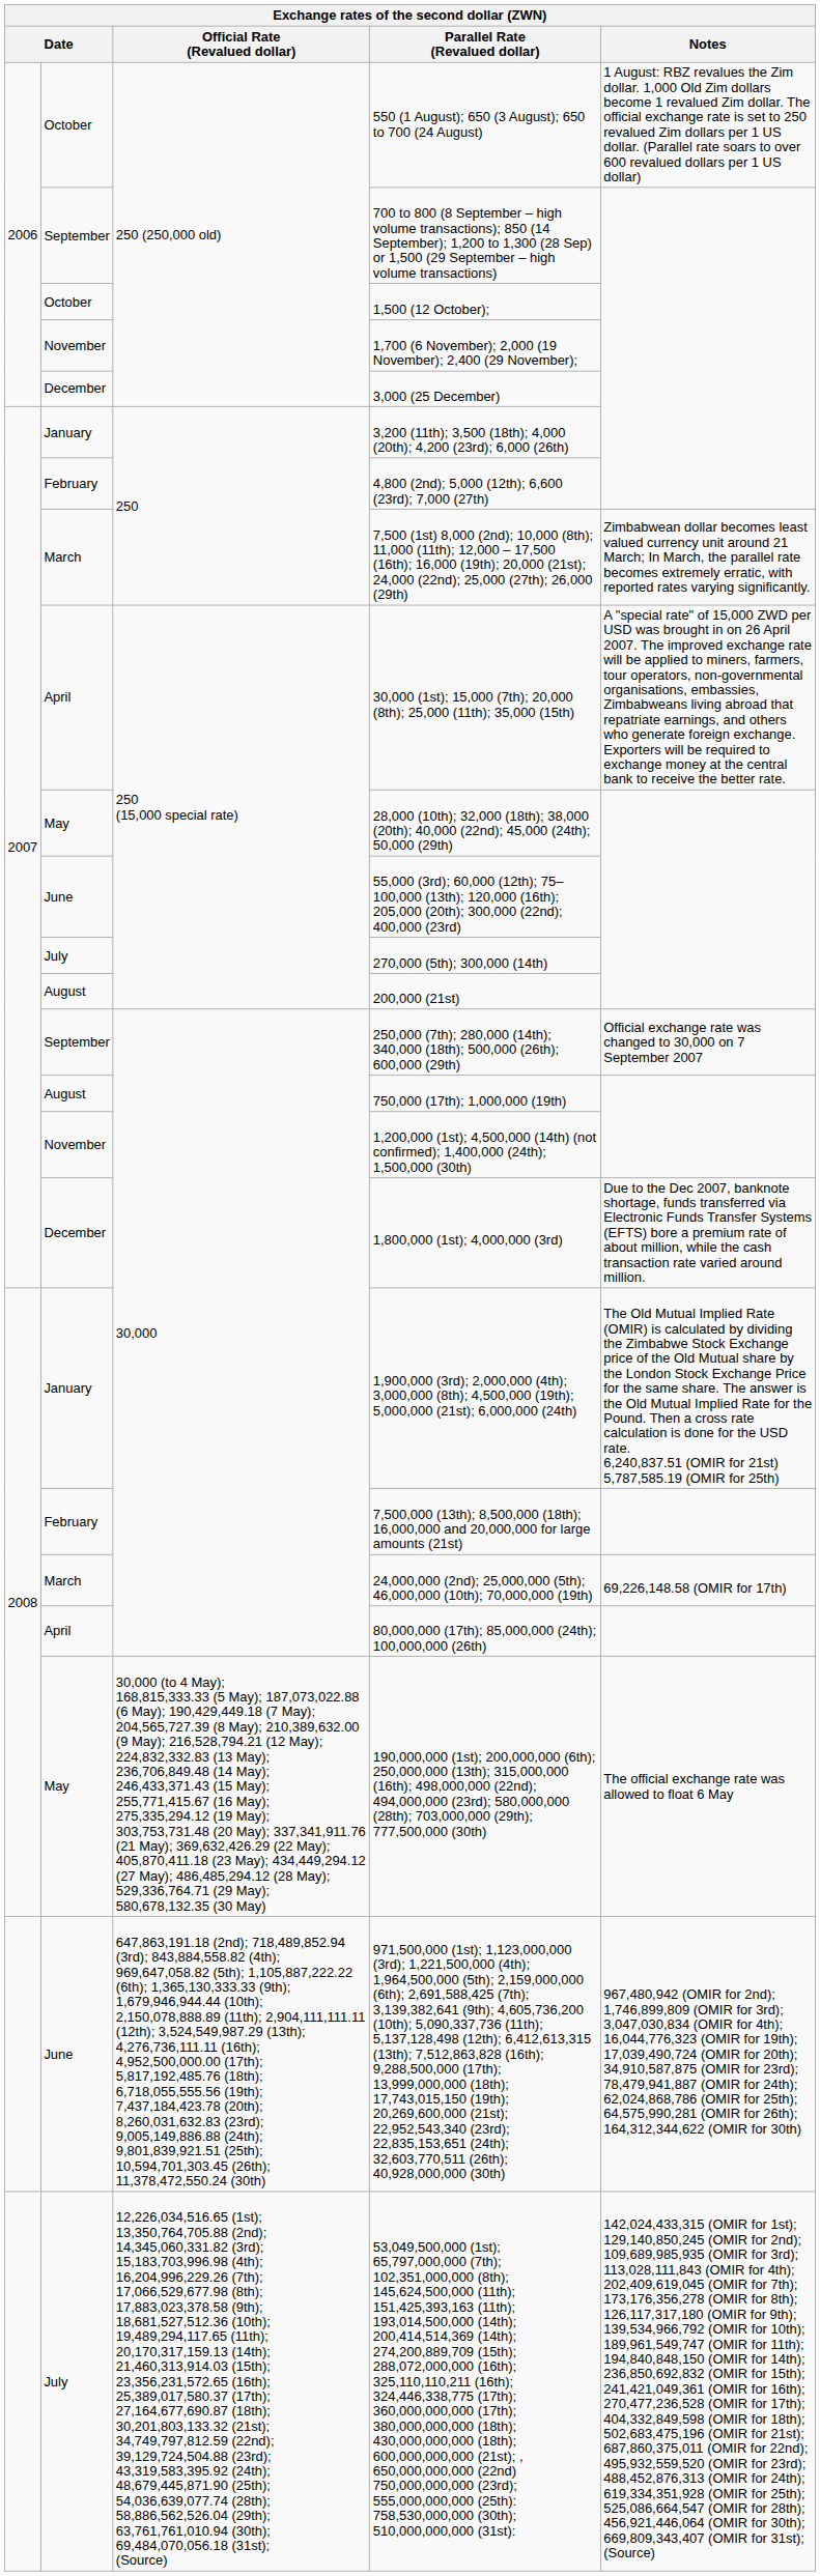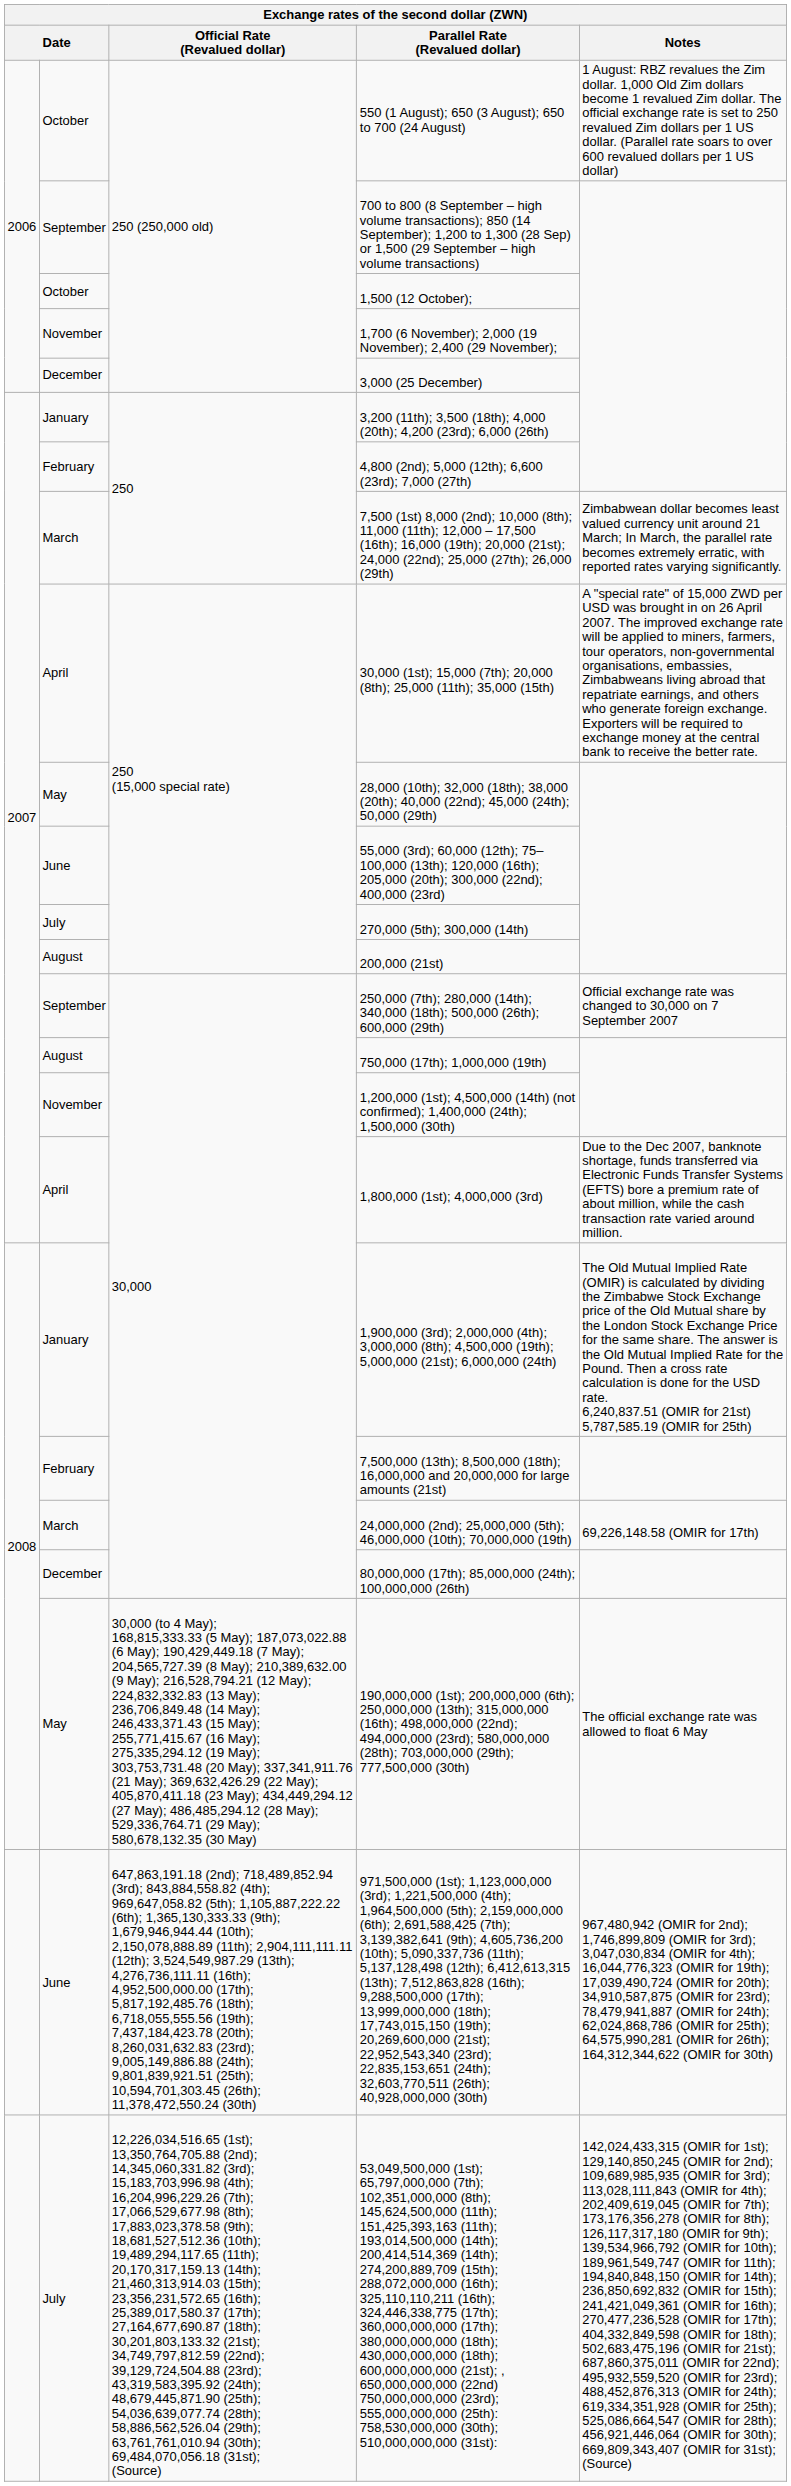 <table class="wikitable collapsible autocollapse" style="font-size: 90%">
 <tr>
 <th colspan=5>Exchange rates of the second dollar (ZWN)</th>
 </tr>
 <tr>
 <th colspan=2>Date</th>
 <th width:300px>Official Rate <br>(Revalued dollar)</th>
 <th>Parallel Rate <br>(Revalued dollar)</th>
 <th>Notes</th>
 </tr>
 <tr>
 <td rowspan=5>2006</td>
 <td>October</td>
 <td rowspan=5>250 (250,000 old)</td>
 <td>550 (1 August); 650 (3 August); 650 to 700 (24 August)</td>
 <td>1 August: RBZ revalues the Zim dollar. 1,000 Old Zim dollars become 1 revalued Zim dollar. The official exchange rate is set to 250 revalued Zim dollars per 1 US dollar. (Parallel rate soars to over 600 revalued dollars per 1 US dollar)</td>
 </tr>
 <tr>
 <td>September</td>
 <td><br>700 to 800 (8 September – high volume transactions); 850 (14 September); 1,200 to 1,300 (28 Sep) or 1,500 (29 September – high volume transactions)</td>
 </tr>
 <tr>
 <td>October</td>
 <td><br>1,500 (12 October);</td>
 </tr>
 <tr>
 <td>November</td>
 <td><br>1,700 (6 November); 2,000 (19 November); 2,400 (29 November);</td>
 </tr>
 <tr>
 <td>December</td>
 <td><br>3,000 (25 December)</td>
 </tr>
 <tr>
 <td rowspan=12>2007</td>
 <td>January</td>
 <td rowspan=3>250</td>
 <td><br>3,200 (11th); 3,500 (18th); 4,000 (20th); 4,200 (23rd); 6,000 (26th)</td>
 </tr>
 <tr>
 <td>February</td>
 <td><br>4,800 (2nd); 5,000 (12th); 6,600 (23rd); 7,000 (27th)</td>
 </tr>
 <tr>
 <td>March</td>
 <td><br>7,500 (1st) 8,000 (2nd); 10,000 (8th); 11,000 (11th); 12,000 – 17,500 (16th); 16,000 (19th); 20,000 (21st); 24,000 (22nd); 25,000 (27th); 26,000 (29th)</td>
 <td>Zimbabwean dollar becomes least valued currency unit around 21 March; In March, the parallel rate becomes extremely erratic, with reported rates varying significantly.</td>
 </tr>
 <tr>
 <td>April</td>
 <td rowspan=5>250 <br>(15,000 special rate)</td>
 <td><br>30,000 (1st); 15,000 (7th); 20,000 (8th); 25,000 (11th); 35,000 (15th)</td>
 <td>A "special rate" of 15,000 ZWD per USD was brought in on 26 April 2007. The improved exchange rate will be applied to miners, farmers, tour operators, non-governmental organisations, embassies, Zimbabweans living abroad that repatriate earnings, and others who generate foreign exchange. Exporters will be required to exchange money at the central bank to receive the better rate.</td>
 </tr>
 <tr>
 <td>May</td>
 <td><br>28,000 (10th); 32,000 (18th); 38,000 (20th); 40,000 (22nd); 45,000 (24th); 50,000 (29th)</td>
 </tr>
 <tr>
 <td>June</td>
 <td><br>55,000 (3rd); 60,000 (12th); 75–100,000 (13th); 120,000 (16th); 205,000 (20th); 300,000 (22nd); 400,000 (23rd)</td>
 </tr>
 <tr>
 <td>July</td>
 <td><br>270,000 (5th); 300,000 (14th)</td>
 </tr>
 <tr>
 <td>August</td>
 <td><br>200,000 (21st)</td>
 </tr>
 <tr>
 <td>September</td>
 <td rowspan=8>30,000</td>
 <td><br>250,000 (7th); 280,000 (14th); 340,000 (18th); 500,000 (26th); 600,000 (29th)</td>
 <td>Official exchange rate was changed to 30,000 on 7 September 2007</td>
 </tr>
 <tr>
 <td>August</td>
 <td><br>750,000 (17th); 1,000,000 (19th)</td>
 </tr>
 <tr>
 <td>November</td>
 <td><br>1,200,000 (1st); 4,500,000 (14th) (not confirmed); 1,400,000 (24th); 1,500,000 (30th)</td>
 </tr>
 <tr>
-<td>December</td>
+<td>April</td>
 <td><br>1,800,000 (1st); 4,000,000 (3rd)</td>
 <td>Due to the Dec 2007, banknote shortage, funds transferred via Electronic Funds Transfer Systems (EFTS) bore a premium rate of about  million, while the cash transaction rate varied around  million.</td>
 </tr>
 <tr>
 <td rowspan=5>2008</td>
 <td>January</td>
 <td><br>1,900,000 (3rd); 2,000,000 (4th); 3,000,000 (8th); 4,500,000 (19th); 5,000,000 (21st); 6,000,000 (24th)</td>
 <td><br>The Old Mutual Implied Rate (OMIR) is calculated by dividing the Zimbabwe Stock Exchange price of the Old Mutual share by the London Stock Exchange Price for the same share. The answer is the Old Mutual Implied Rate for the Pound. Then a cross rate calculation is done for the USD rate.<br> 6,240,837.51 (OMIR for 21st) 5,787,585.19 (OMIR for 25th) </td>
 </tr>
 <tr>
 <td>February</td>
 <td><br>7,500,000 (13th); 8,500,000 (18th); 16,000,000 and 20,000,000 for large amounts (21st)</td>
 </tr>
 <tr>
 <td>March</td>
 <td><br>24,000,000 (2nd); 25,000,000 (5th); 46,000,000 (10th); 70,000,000 (19th)</td>
 <td><br>69,226,148.58 (OMIR for 17th)</td>
 </tr>
 <tr>
-<td>April</td>
+<td>December</td>
 <td><br>80,000,000 (17th); 85,000,000 (24th); 100,000,000 (26th)</td>
 </tr>
 <tr>
 <td>May</td>
 <td><br>30,000 (to 4 May); <br> 168,815,333.33 (5 May); 187,073,022.88 (6 May); 190,429,449.18 (7 May); 204,565,727.39 (8 May); 210,389,632.00 (9 May); 216,528,794.21 (12 May); 224,832,332.83 (13 May); 236,706,849.48 (14 May); 246,433,371.43 (15 May); 255,771,415.67 (16 May); 275,335,294.12 (19 May); 303,753,731.48 (20 May); 337,341,911.76 (21 May); 369,632,426.29 (22 May); 405,870,411.18 (23 May); 434,449,294.12 (27 May); 486,485,294.12 (28 May); 529,336,764.71 (29 May); 580,678,132.35 (30 May) </td>
 <td><br>190,000,000 (1st); 200,000,000 (6th); 250,000,000 (13th); 315,000,000 (16th); 498,000,000 (22nd); 494,000,000 (23rd); 580,000,000 (28th); 703,000,000 (29th); 777,500,000 (30th) </td>
 <td>The official exchange rate was allowed to float 6 May</td>
 </tr>
 <tr>
 <td></td>
 <td>June</td>
 <td><br>647,863,191.18 (2nd); 718,489,852.94 (3rd); 843,884,558.82 (4th); 969,647,058.82 (5th); 1,105,887,222.22 (6th); 1,365,130,333.33 (9th); 1,679,946,944.44 (10th); 2,150,078,888.89 (11th); 2,904,111,111.11 (12th); 3,524,549,987.29 (13th); 4,276,736,111.11 (16th); 4,952,500,000.00 (17th); 5,817,192,485.76 (18th); 6,718,055,555.56 (19th); 7,437,184,423.78 (20th); 8,260,031,632.83 (23rd); 9,005,149,886.88 (24th); 9,801,839,921.51 (25th); 10,594,701,303.45 (26th); 11,378,472,550.24 (30th) </td>
 <td><br>971,500,000 (1st); 1,123,000,000 (3rd); 1,221,500,000 (4th); 1,964,500,000 (5th); 2,159,000,000 (6th); 2,691,588,425 (7th); 3,139,382,641 (9th); 4,605,736,200 (10th); 5,090,337,736 (11th); 5,137,128,498 (12th); 6,412,613,315 (13th); 7,512,863,828 (16th); 9,288,500,000 (17th); 13,999,000,000 (18th); 17,743,015,150 (19th); 20,269,600,000 (21st); 22,952,543,340 (23rd); 22,835,153,651 (24th); 32,603,770,511 (26th); 40,928,000,000 (30th)</td>
 <td><br>967,480,942 (OMIR for 2nd); 1,746,899,809 (OMIR for 3rd); 3,047,030,834 (OMIR for 4th); <br>16,044,776,323 (OMIR for 19th); 17,039,490,724 (OMIR for 20th); 34,910,587,875 (OMIR for 23rd); 78,479,941,887 (OMIR for 24th); 62,024,868,786 (OMIR for 25th); 64,575,990,281 (OMIR for 26th); 164,312,344,622 (OMIR for 30th)</td>
 </tr>
 <tr>
 <td></td>
 <td>July</td>
 <td><br>12,226,034,516.65 (1st); <br> 13,350,764,705.88 (2nd); <br> 14,345,060,331.82 (3rd); <br> 15,183,703,996.98 (4th); <br> 16,204,996,229.26 (7th); <br> 17,066,529,677.98 (8th); <br> 17,883,023,378.58 (9th); <br> 18,681,527,512.36 (10th); <br> 19,489,294,117.65 (11th); <br> 20,170,317,159.13 (14th); <br> 21,460,313,914.03 (15th); <br> 23,356,231,572.65 (16th); <br> 25,389,017,580.37 (17th); <br> 27,164,677,690.87 (18th); <br> 30,201,803,133.32 (21st); <br> 34,749,797,812.59 (22nd); <br> 39,129,724,504.88 (23rd); <br> 43,319,583,395.92 (24th); <br> 48,679,445,871.90 (25th); <br> 54,036,639,077.74 (28th); <br> 58,886,562,526.04 (29th); <br> 63,761,761,010.94 (30th); <br> 69,484,070,056.18 (31st); <br> (Source)  <br></td>
 <td><br>53,049,500,000 (1st); <br> 65,797,000,000 (7th); <br> 102,351,000,000 (8th); <br> 145,624,500,000 (11th); <br> 151,425,393,163 (11th); <br> 193,014,500,000 (14th); <br> 200,414,514,369 (14th); <br> 274,200,889,709 (15th); <br> 288,072,000,000 (16th);  <br> 325,110,110,211 (16th); <br> 324,446,338,775 (17th);  <br> 360,000,000,000 (17th);  <br> 380,000,000,000 (18th);  <br> 430,000,000,000 (18th);  <br> 600,000,000,000 (21st); , <br> 650,000,000,000 (22nd) <br> 750,000,000,000 (23rd);  <br> 555,000,000,000 (25th):  758,530,000,000 (30th);  510,000,000,000 (31st): </td>
 <td><br>142,024,433,315 (OMIR for 1st); <br> 129,140,850,245 (OMIR for 2nd); <br> 109,689,985,935 (OMIR for 3rd); <br> 113,028,111,843 (OMIR for 4th); <br> 202,409,619,045 (OMIR for 7th); <br> 173,176,356,278 (OMIR for 8th); <br> 126,117,317,180 (OMIR for 9th); <br> 139,534,966,792 (OMIR for 10th); <br> 189,961,549,747 (OMIR for 11th); <br> 194,840,848,150 (OMIR for 14th); <br> 236,850,692,832 (OMIR for 15th); <br> 241,421,049,361 (OMIR for 16th); <br> 270,477,236,528 (OMIR for 17th); <br> 404,332,849,598 (OMIR for 18th); <br> 502,683,475,196 (OMIR for 21st); <br> 687,860,375,011 (OMIR for 22nd); <br> 495,932,559,520 (OMIR for 23rd); <br> 488,452,876,313 (OMIR for 24th); <br> 619,334,351,928 (OMIR for 25th); <br> 525,086,664,547 (OMIR for 28th); <br> 456,921,446,064 (OMIR for 30th); <br> 669,809,343,407 (OMIR for 31st); <br> (Source) <br></td>
 </tr>
 </table>
